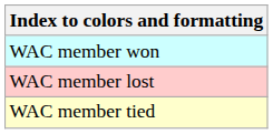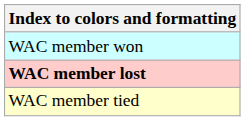 <table class="wikitable">
 <tr>
 <th>Index to colors and formatting</th>
 </tr>
 <tr style="background:#cff;">
 <td>WAC member won</td>
 </tr>
 <tr style="background:#fcc;">
-<td>WAC member lost</td>
+<td><strong>WAC member lost</strong></td>
 </tr>
 <tr style="background:#ffc;">
 <td>WAC member tied</td>
 </tr>
 </table>
